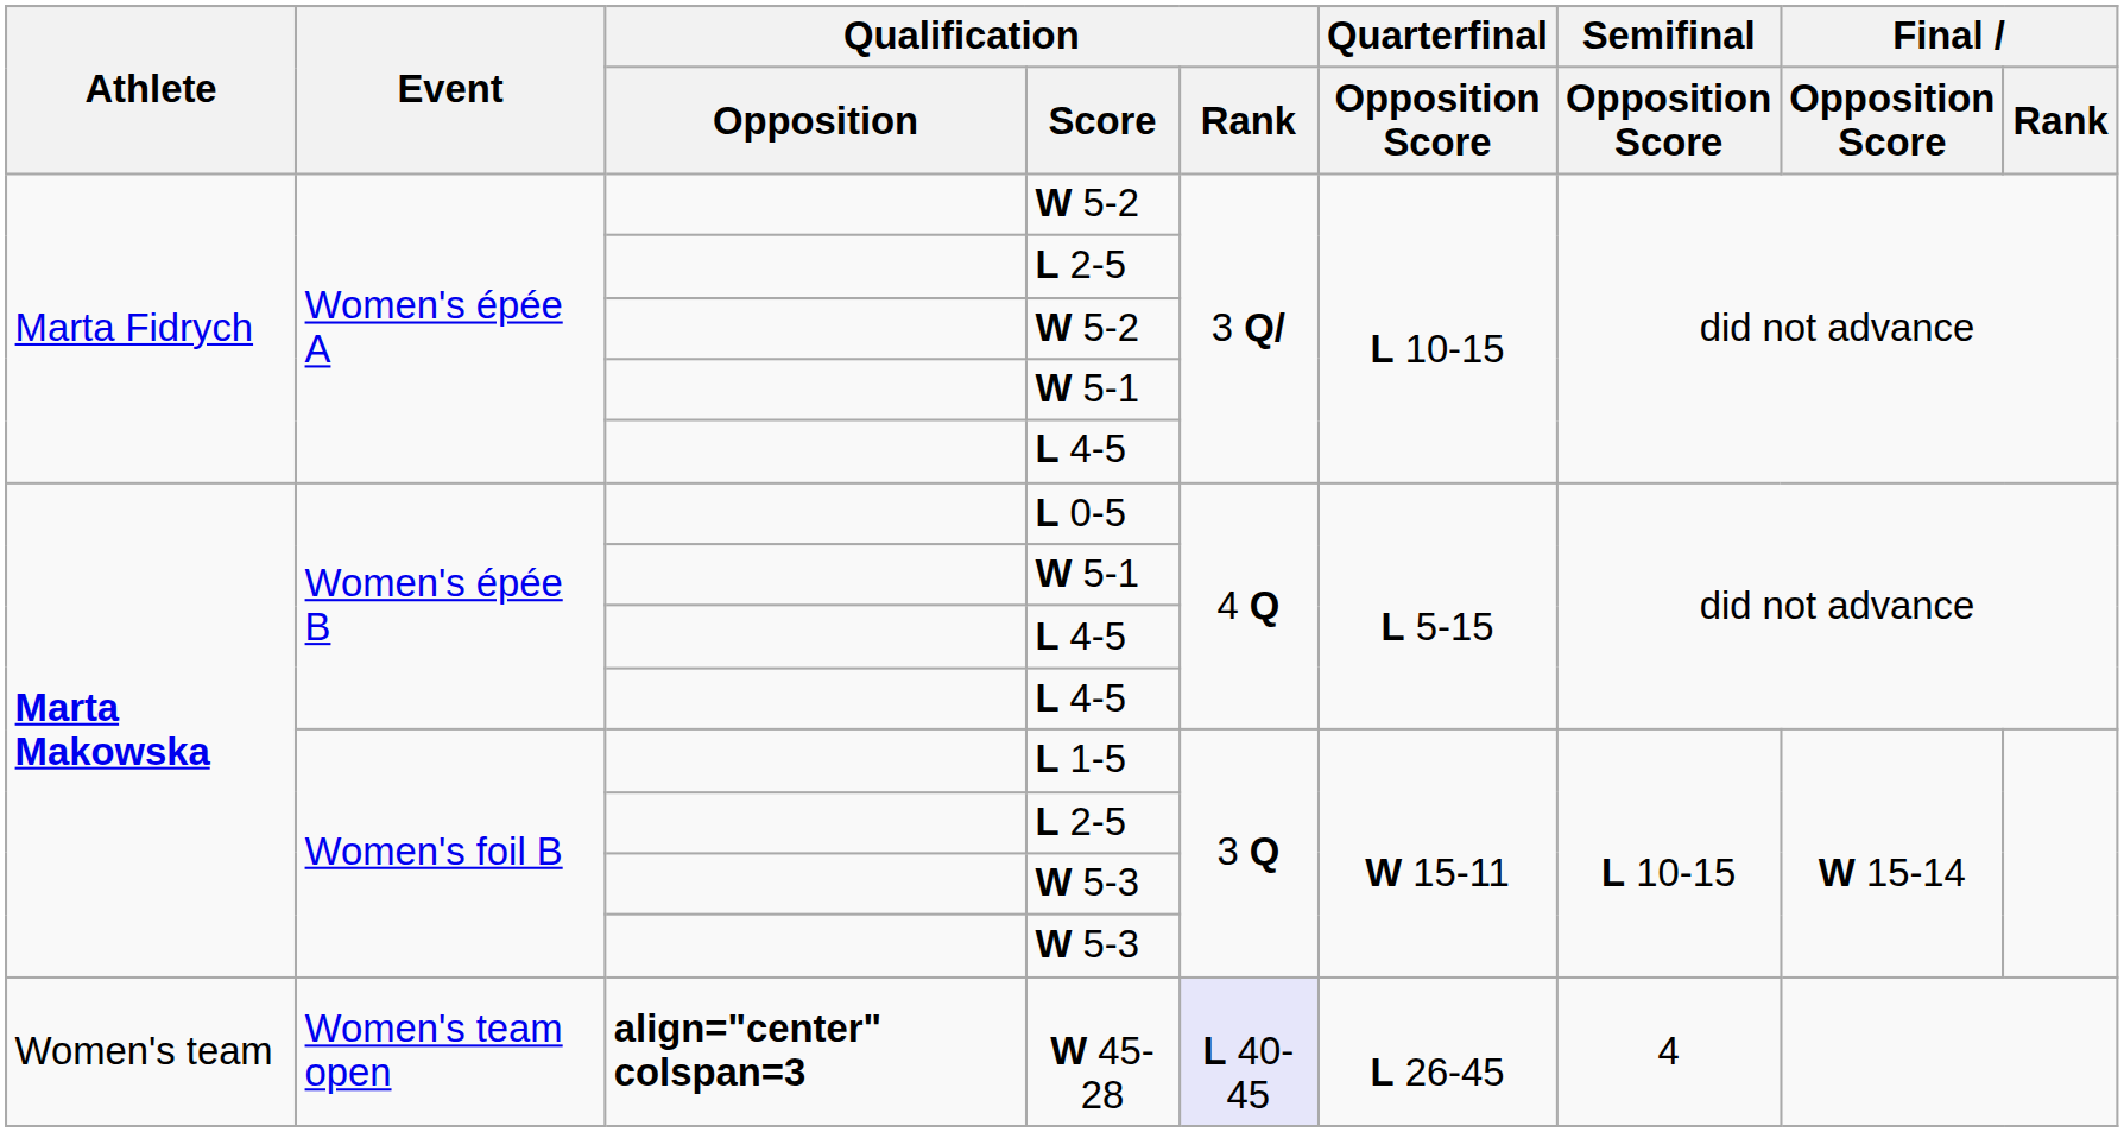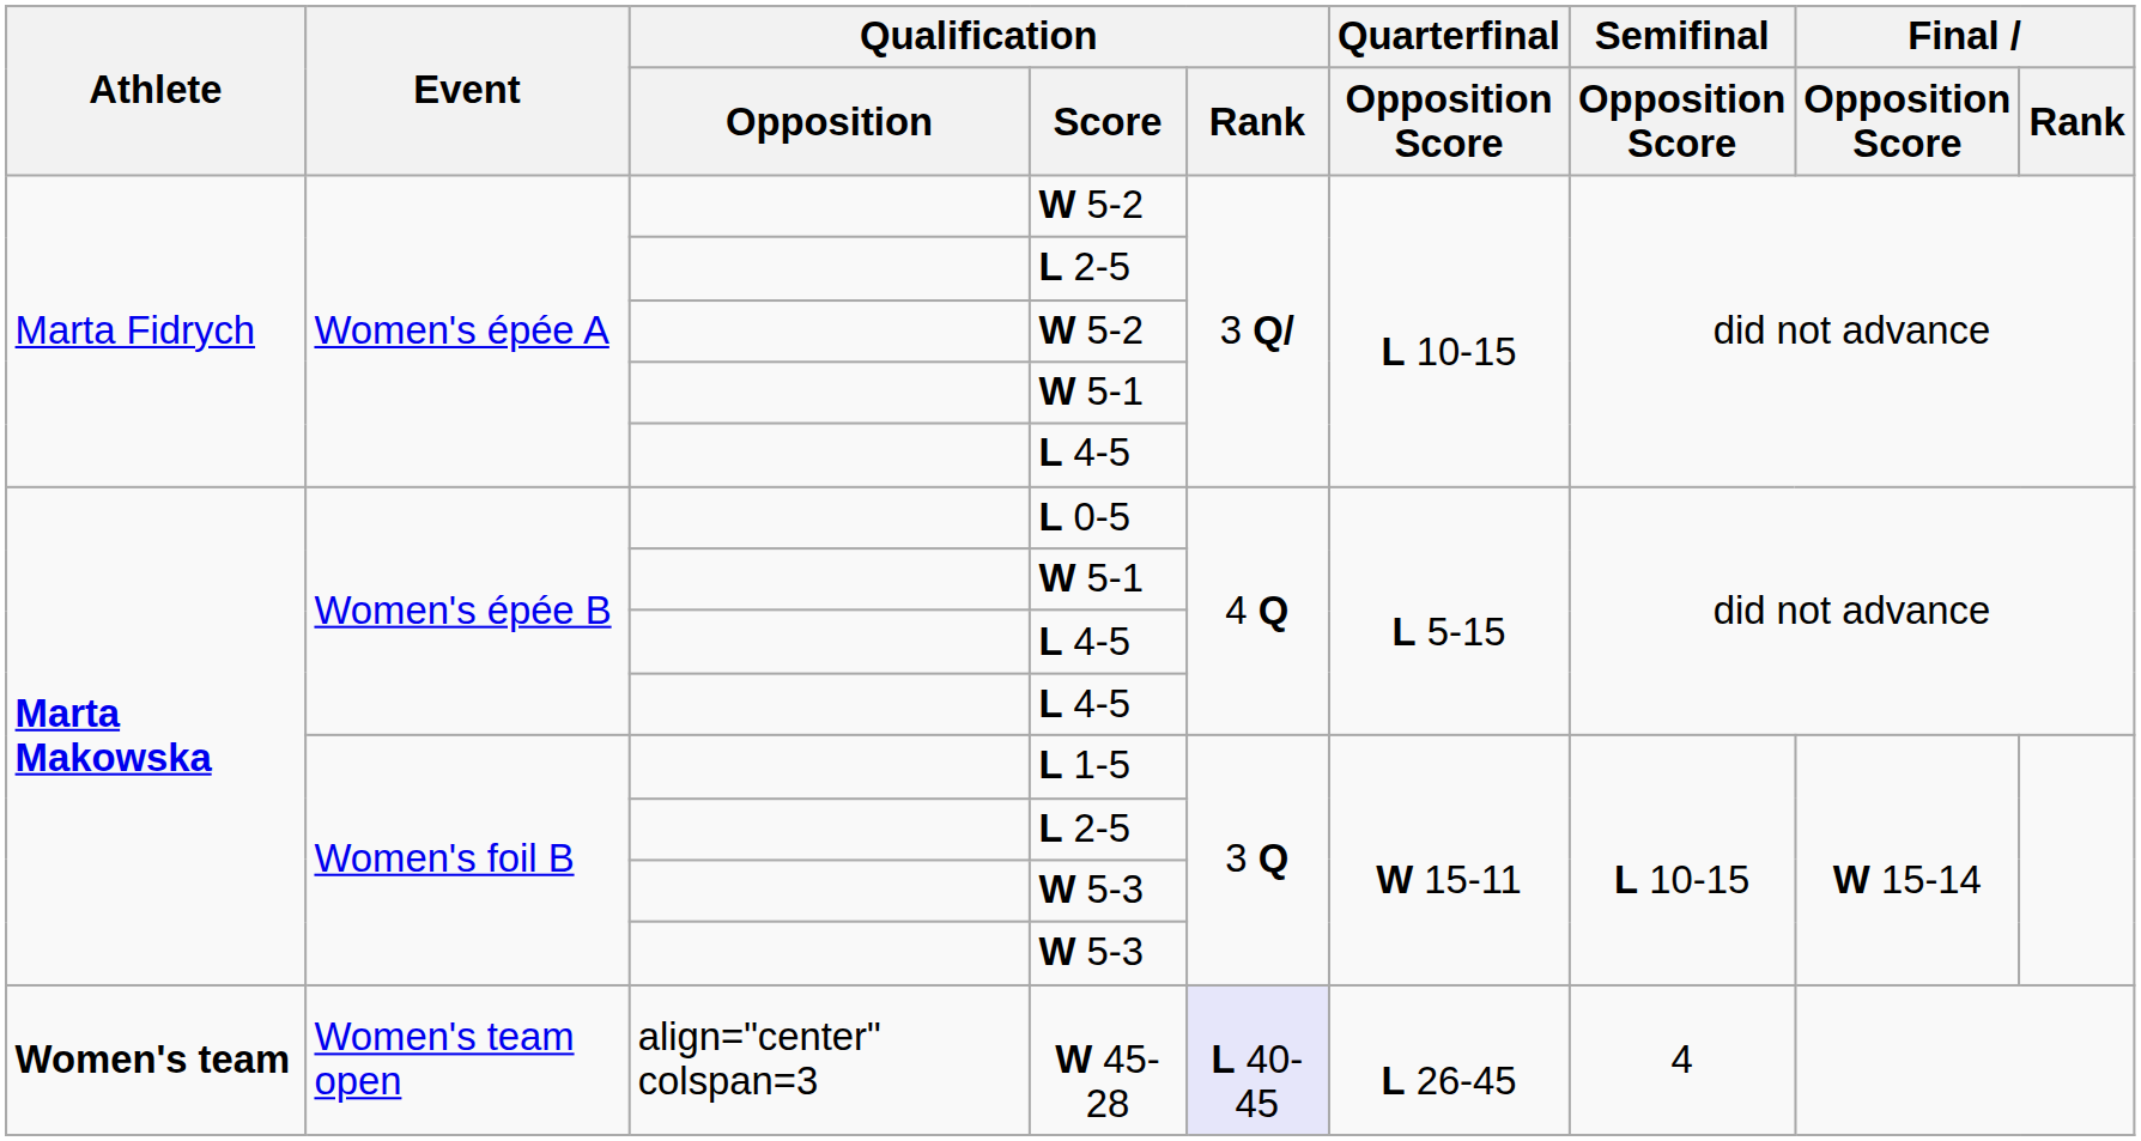 <table class=wikitable>
 <tr>
 <th rowspan="2">Athlete</th>
 <th rowspan="2">Event</th>
 <th colspan="3">Qualification</th>
 <th>Quarterfinal</th>
 <th>Semifinal</th>
 <th colspan="2">Final / </th>
 </tr>
 <tr>
 <th>Opposition</th>
 <th>Score</th>
 <th>Rank</th>
 <th>Opposition<br>Score</th>
 <th>Opposition<br>Score</th>
 <th>Opposition<br>Score</th>
 <th>Rank</th>
 </tr>
 <tr>
 <td rowspan=5><a href='#'>Marta Fidrych</a></td>
 <td rowspan=5><a href='#'>Women's épée A</a></td>
 <td></td>
 <td><strong>W</strong> 5-2</td>
 <td align="center" rowspan=5>3 <strong>Q/</strong></td>
 <td align="center" rowspan=5><br><strong>L</strong> 10-15</td>
 <td align="center" rowspan=5 colspan=3>did not advance</td>
 </tr>
 <tr>
 <td></td>
 <td><strong>L</strong> 2-5</td>
 </tr>
 <tr>
 <td></td>
 <td><strong>W</strong> 5-2</td>
 </tr>
 <tr>
 <td></td>
 <td><strong>W</strong> 5-1</td>
 </tr>
 <tr>
 <td></td>
 <td><strong>L</strong> 4-5</td>
 </tr>
 <tr>
 <td rowspan=8><strong><a href='#'>Marta Makowska</a></strong></td>
 <td rowspan=4><a href='#'>Women's épée B</a></td>
 <td></td>
 <td><strong>L</strong> 0-5</td>
 <td align="center" rowspan=4>4 <strong>Q</strong></td>
 <td align="center" rowspan=4><br><strong>L</strong> 5-15</td>
 <td align="center" rowspan=4 colspan=3>did not advance</td>
 </tr>
 <tr>
 <td></td>
 <td><strong>W</strong> 5-1</td>
 </tr>
 <tr>
 <td></td>
 <td><strong>L</strong> 4-5</td>
 </tr>
 <tr>
 <td></td>
 <td><strong>L</strong> 4-5</td>
 </tr>
 <tr>
 <td rowspan=4><a href='#'>Women's foil B</a></td>
 <td></td>
 <td><strong>L</strong> 1-5</td>
 <td align="center" rowspan=4>3 <strong>Q</strong></td>
 <td align="center" rowspan=4><br><strong>W</strong> 15-11</td>
 <td align="center" rowspan=4><br><strong>L</strong> 10-15</td>
 <td align="center" rowspan=4><br><strong>W</strong> 15-14</td>
 <td align="center" rowspan=4></td>
 </tr>
 <tr>
 <td></td>
 <td><strong>L</strong> 2-5</td>
 </tr>
 <tr>
 <td></td>
 <td><strong>W</strong> 5-3</td>
 </tr>
 <tr>
 <td></td>
 <td><strong>W</strong> 5-3</td>
 </tr>
 <tr>
-<td>Women's team</td>
+<td><strong>Women's team</strong></td>
 <td><a href='#'>Women's team open</a></td>
-<td><strong>align="center" colspan=3 </strong></td>
+<td>align="center" colspan=3 </td>
 <td align="center"><br><strong>W</strong> 45-28</td>
 <td align="center" style="background: lavender;"><br><strong>L</strong> 40-45</td>
 <td align="center"><br><strong>L</strong> 26-45</td>
 <td align="center">4</td>
 </tr>
 </table>
